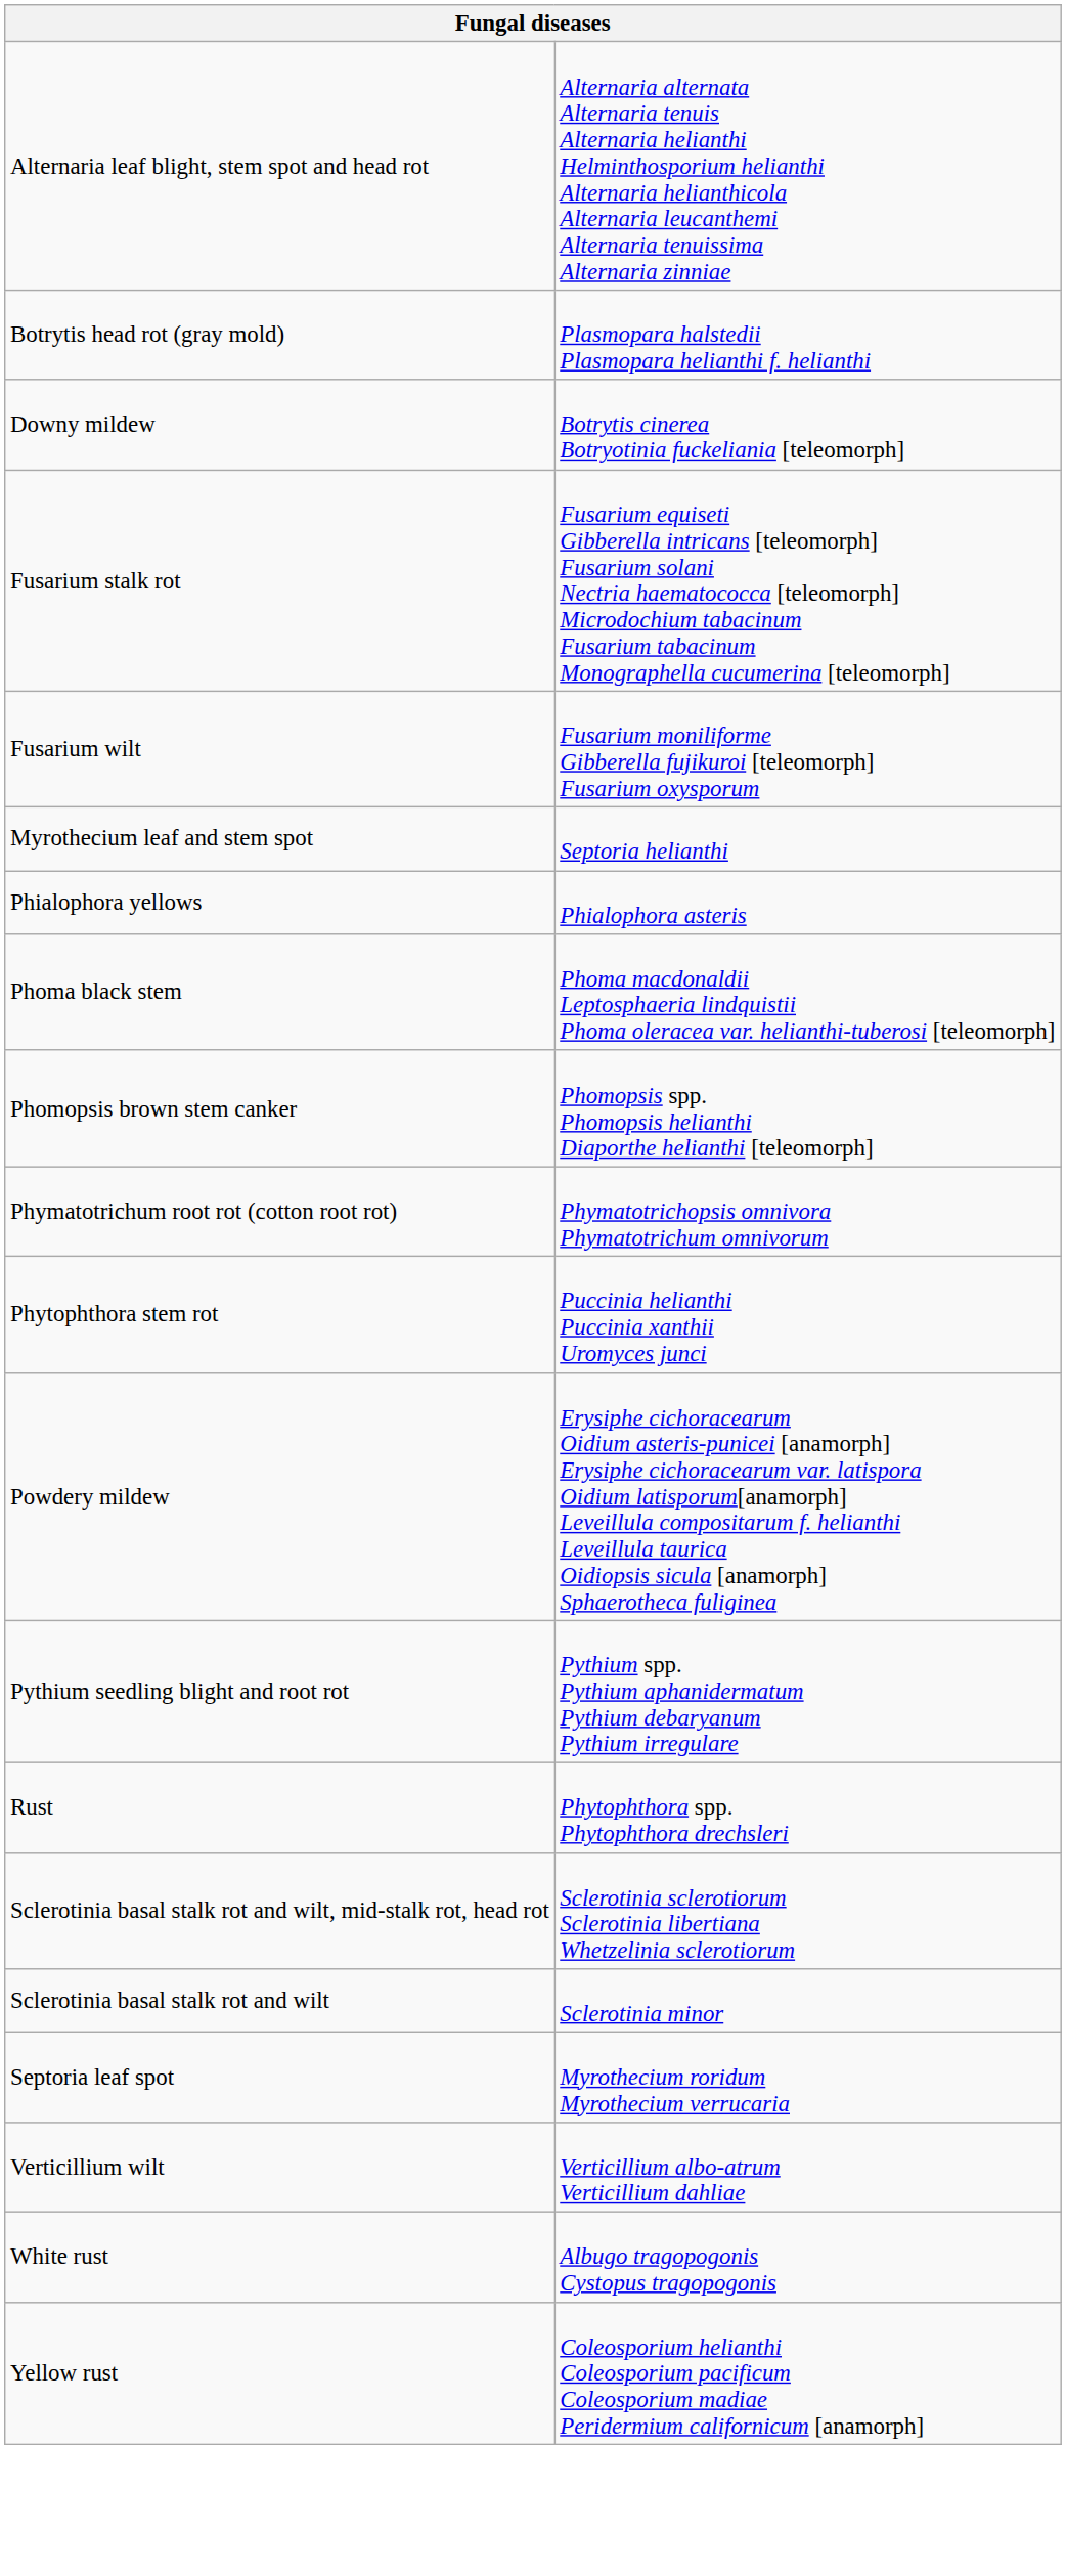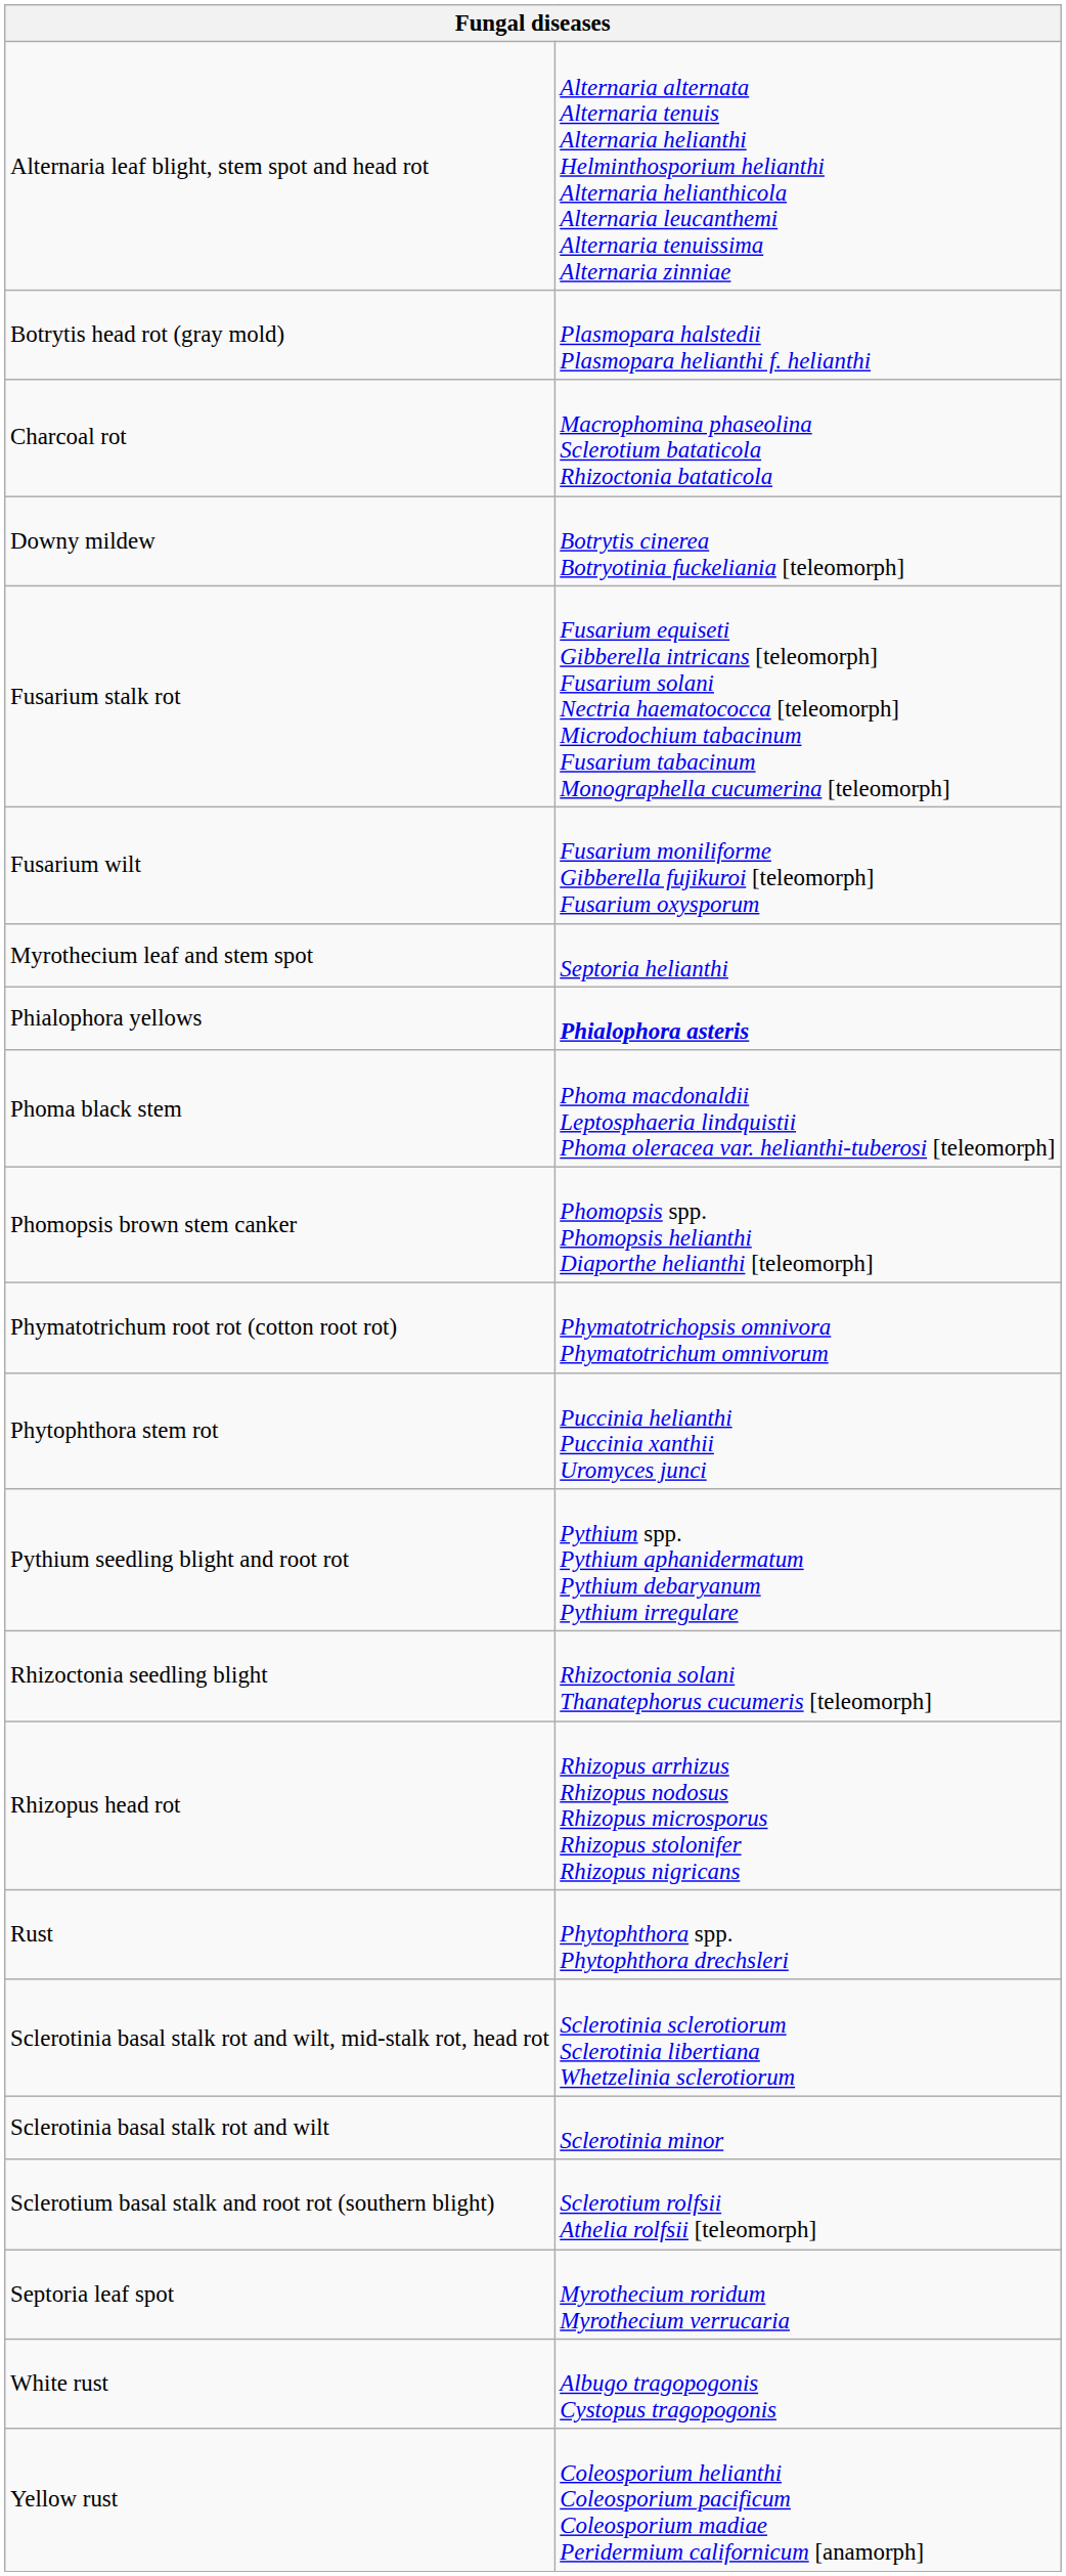 <table class="wikitable" style="clear">
 <tr>
 <th colspan=2><strong>Fungal diseases</strong><br></th>
 </tr>
 <tr>
 <td>Alternaria leaf blight, stem spot and head rot</td>
 <td><br><em><a href='#'>Alternaria alternata</a></em> <br>  <em><a href='#'>Alternaria tenuis</a></em><br> <em><a href='#'>Alternaria helianthi</a></em> <br>  <em><a href='#'>Helminthosporium helianthi</a></em><br> <em><a href='#'>Alternaria helianthicola</a></em><br> <em><a href='#'>Alternaria leucanthemi</a></em><br> <em><a href='#'>Alternaria tenuissima</a></em><br> <em><a href='#'>Alternaria zinniae</a></em></td>
 </tr>
 <tr>
 <td>Botrytis head rot (gray mold)</td>
 <td><br><em><a href='#'>Plasmopara halstedii</a></em><br> <em><a href='#'>Plasmopara helianthi f. helianthi</a></em></td>
+</tr>
+<tr>
+<td>Charcoal rot</td>
+<td><br><em><a href='#'>Macrophomina phaseolina</a></em> <br>  <em><a href='#'>Sclerotium bataticola</a></em> <br>  <em><a href='#'>Rhizoctonia bataticola</a></em></td>
 </tr>
 <tr>
 <td>Downy mildew</td>
 <td><br><em><a href='#'>Botrytis cinerea</a></em><br> <em><a href='#'>Botryotinia fuckeliania</a></em> [teleomorph]</td>
 </tr>
 <tr>
 <td>Fusarium stalk rot</td>
 <td><br><em><a href='#'>Fusarium equiseti</a></em><br> <em><a href='#'>Gibberella intricans</a></em> [teleomorph]<br> <em><a href='#'>Fusarium solani</a></em><br> <em><a href='#'>Nectria haematococca</a></em> [teleomorph]<br> <em><a href='#'>Microdochium tabacinum</a></em> <br>  <em><a href='#'>Fusarium tabacinum</a></em><br> <em><a href='#'>Monographella cucumerina</a></em> [teleomorph]</td>
 </tr>
 <tr>
 <td>Fusarium wilt</td>
 <td><br><em><a href='#'>Fusarium moniliforme</a></em><br> <em><a href='#'>Gibberella fujikuroi</a></em> [teleomorph]<br> <em><a href='#'>Fusarium oxysporum</a></em></td>
 </tr>
 <tr>
 <td>Myrothecium leaf and stem spot</td>
 <td><br><em><a href='#'>Septoria helianthi</a></em></td>
 </tr>
 <tr>
 <td>Phialophora yellows</td>
-<td><br><em><a href='#'>Phialophora asteris</a></em></td>
+<td><strong><br><em><a href='#'>Phialophora asteris</a></em></strong></td>
 </tr>
 <tr>
 <td>Phoma black stem</td>
 <td><br><em><a href='#'>Phoma macdonaldii</a></em><br> <em><a href='#'>Leptosphaeria lindquistii</a></em> <br>  <em><a href='#'>Phoma oleracea var. helianthi-tuberosi</a></em> [teleomorph]</td>
 </tr>
 <tr>
 <td>Phomopsis brown stem canker</td>
 <td><br><em><a href='#'>Phomopsis</a></em> spp. <br> <em><a href='#'>Phomopsis helianthi</a></em><br> <em><a href='#'>Diaporthe helianthi</a></em> [teleomorph]</td>
 </tr>
 <tr>
 <td>Phymatotrichum root rot (cotton root rot)</td>
 <td><br><em><a href='#'>Phymatotrichopsis omnivora</a></em> <br>  <em><a href='#'>Phymatotrichum omnivorum</a></em></td>
 </tr>
 <tr>
 <td>Phytophthora stem rot</td>
 <td><br><em><a href='#'>Puccinia helianthi</a></em><br> <em><a href='#'>Puccinia xanthii</a></em><br> <em><a href='#'>Uromyces junci</a></em></td>
 </tr>
 <tr>
-<td>Powdery mildew</td>
-<td><br><em><a href='#'>Erysiphe cichoracearum</a></em><br> <em><a href='#'>Oidium asteris-punicei</a></em> [anamorph]<br> <em><a href='#'>Erysiphe cichoracearum var. latispora</a></em><br> <em><a href='#'>Oidium latisporum</a></em>[anamorph]<br> <em><a href='#'>Leveillula compositarum f. helianthi</a></em> <br> <em><a href='#'>Leveillula taurica</a></em><br> <em><a href='#'>Oidiopsis sicula</a></em> [anamorph]<br> <em><a href='#'>Sphaerotheca fuliginea</a></em></td>
+<td>Pythium seedling blight and root rot</td>
+<td><br><em><a href='#'>Pythium</a></em> spp. <br> <em><a href='#'>Pythium aphanidermatum</a></em><br> <em><a href='#'>Pythium debaryanum</a></em><br> <em><a href='#'>Pythium irregulare</a></em></td>
 </tr>
 <tr>
-<td>Pythium seedling blight and root rot</td>
-<td><br><em><a href='#'>Pythium</a></em> spp. <br> <em><a href='#'>Pythium aphanidermatum</a></em><br> <em><a href='#'>Pythium debaryanum</a></em><br> <em><a href='#'>Pythium irregulare</a></em></td>
+<td>Rhizoctonia seedling blight</td>
+<td><br><em><a href='#'>Rhizoctonia solani</a></em><br> <em><a href='#'>Thanatephorus cucumeris</a></em> [teleomorph]</td>
+</tr>
+<tr>
+<td>Rhizopus head rot</td>
+<td><br><em><a href='#'>Rhizopus arrhizus</a></em> <br>  <em><a href='#'>Rhizopus nodosus</a></em><br> <em><a href='#'>Rhizopus microsporus</a></em><br> <em><a href='#'>Rhizopus stolonifer</a></em> <br>  <em><a href='#'>Rhizopus nigricans</a></em></td>
 </tr>
 <tr>
 <td>Rust</td>
 <td><br><em><a href='#'>Phytophthora</a></em> spp. <br> <em><a href='#'>Phytophthora drechsleri</a></em></td>
 </tr>
 <tr>
 <td>Sclerotinia basal stalk rot and wilt, mid-stalk rot, head rot</td>
 <td><br><em><a href='#'>Sclerotinia sclerotiorum</a></em> <br>  <em><a href='#'>Sclerotinia libertiana</a></em> <br>  <em><a href='#'>Whetzelinia sclerotiorum</a></em></td>
 </tr>
 <tr>
 <td>Sclerotinia basal stalk rot and wilt</td>
 <td><br><em><a href='#'>Sclerotinia minor</a></em></td>
 </tr>
 <tr>
+<td>Sclerotium basal stalk and root rot (southern blight)</td>
+<td><br><em><a href='#'>Sclerotium rolfsii</a></em><br> <em><a href='#'>Athelia rolfsii</a></em> [teleomorph]</td>
+</tr>
+<tr>
 <td>Septoria leaf spot</td>
 <td><br><em><a href='#'>Myrothecium roridum</a></em><br> <em><a href='#'>Myrothecium verrucaria</a></em></td>
-</tr>
-<tr>
-<td>Verticillium wilt</td>
-<td><br><em><a href='#'>Verticillium albo-atrum</a></em><br> <em><a href='#'>Verticillium dahliae</a></em></td>
 </tr>
 <tr>
 <td>White rust</td>
 <td><br><em><a href='#'>Albugo tragopogonis</a></em> <br>  <em><a href='#'>Cystopus tragopogonis</a></em></td>
 </tr>
 <tr>
 <td>Yellow rust</td>
 <td><br><em><a href='#'>Coleosporium helianthi</a></em><br> <em><a href='#'>Coleosporium pacificum</a></em> <br>  <em><a href='#'>Coleosporium madiae</a></em><br> <em><a href='#'>Peridermium californicum</a></em> [anamorph]</td>
 </tr>
 <tr>
 </tr>
 </table>
